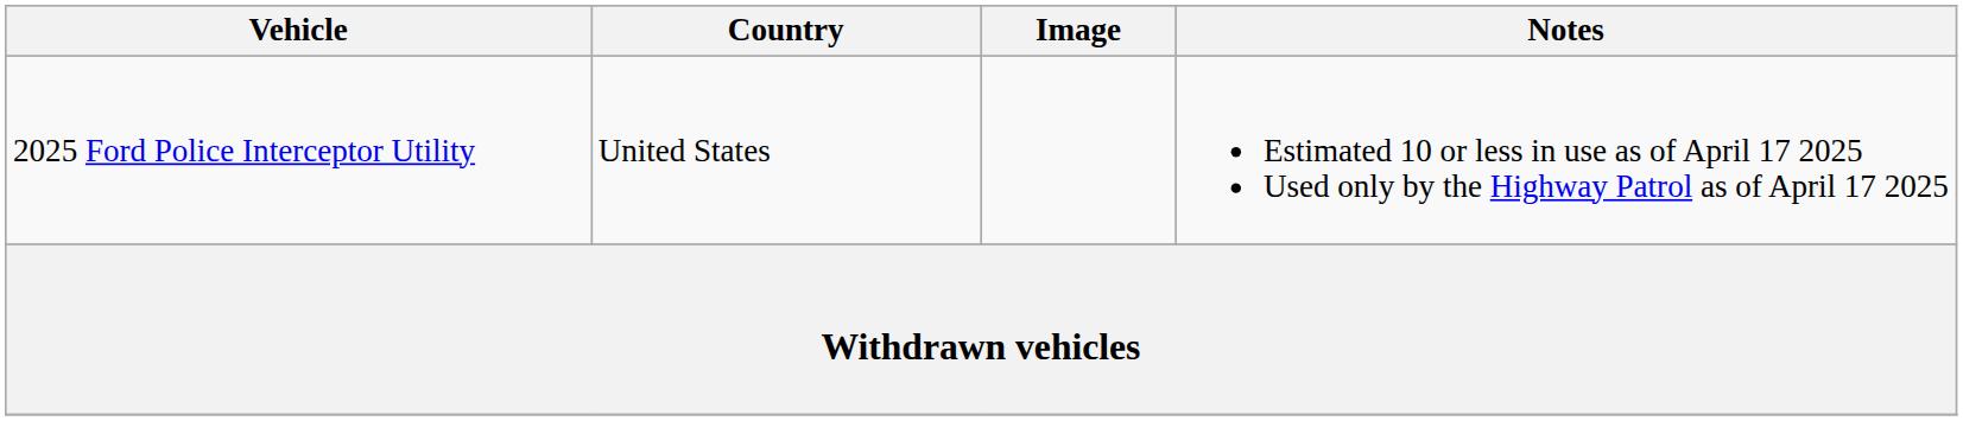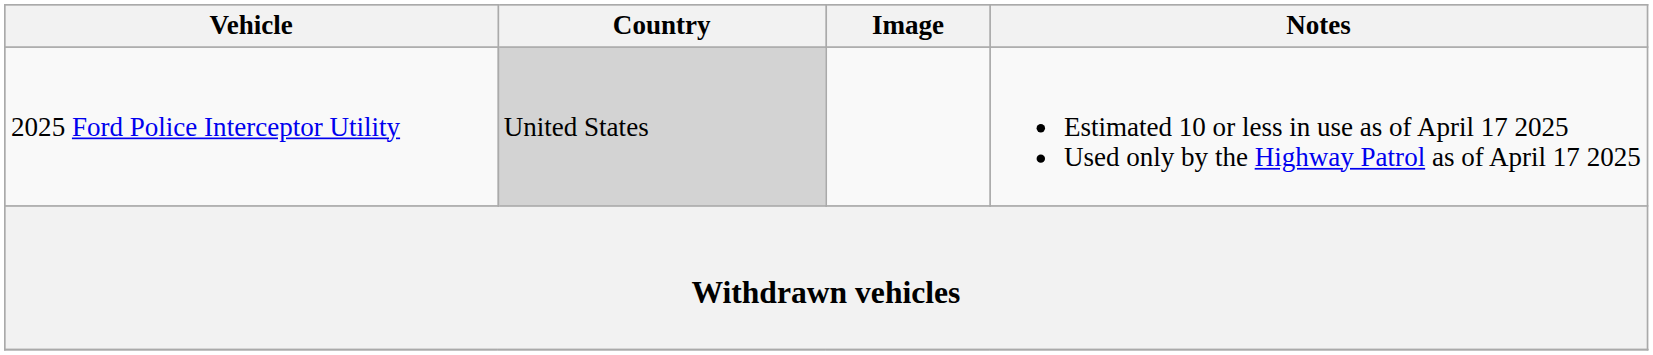 <table class="wikitable">
 <tr>
 <th scope="col" style="width: 30%;">Vehicle</th>
 <th scope="col" style="width: 20%;">Country</th>
 <th scope="col" style="width: 10%;">Image</th>
 <th scope="col" style="width: 40%;">Notes</th>
 </tr>
 <tr>
 <td>2025 <a href='#'>Ford Police Interceptor Utility</a></td>
-<td>United States</td>
+<td style="background: lightgrey;">United States</td>
 <td></td>
 <td><br><ul><li>Estimated 10 or less in use as of April 17 2025</li><li>Used only by the <a href='#'>Highway Patrol</a> as of April 17 2025</li></ul>          </td>
 </tr>
 <tr>
 <th colspan=4><br><h3>Withdrawn vehicles</h3></th>
 </tr>
 <tr>
 </tr>
 </table>
